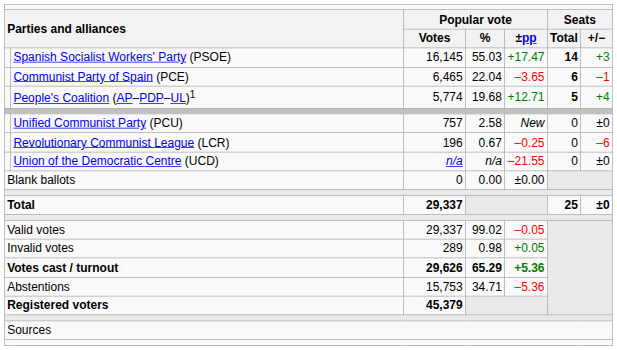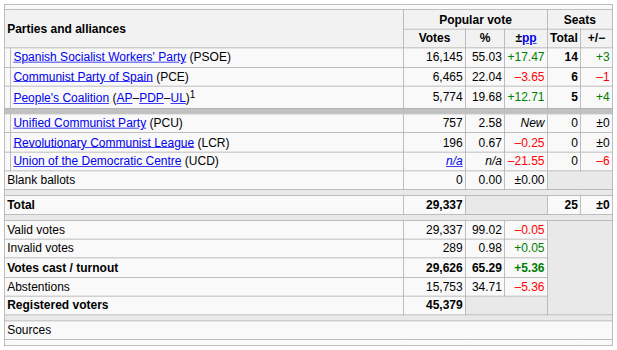 <table class="wikitable" style="text-align:right;">
 <tr>
 <td colspan="7"></td>
 </tr>
 <tr>
 <th style="text-align:left;" rowspan="2" colspan="2" width="525">Parties and alliances</th>
 <th colspan="3">Popular vote</th>
 <th colspan="2">Seats</th>
 </tr>
 <tr>
 <th width="75">Votes</th>
 <th width="45">%</th>
 <th width="45">±<a href='#'>pp</a></th>
 <th width="35">Total</th>
 <th width="35">+/−</th>
 </tr>
 <tr>
 <td width="1" style="color:inherit;background:"></td>
 <td align="left"><a href='#'>Spanish Socialist Workers' Party</a> (PSOE)</td>
 <td>16,145</td>
 <td>55.03</td>
 <td style="color:green;">+17.47</td>
 <td><strong>14</strong></td>
 <td style="color:green;">+3</td>
 </tr>
 <tr>
 <td style="color:inherit;background:"></td>
 <td align="left"><a href='#'>Communist Party of Spain</a> (PCE)</td>
 <td>6,465</td>
 <td>22.04</td>
 <td style="color:red;">–3.65</td>
 <td><strong>6</strong></td>
 <td style="color:red;">–1</td>
 </tr>
 <tr>
 <td style="color:inherit;background:"></td>
 <td align="left"><a href='#'>People's Coalition</a> (<a href='#'>AP</a>–<a href='#'>PDP</a>–<a href='#'>UL</a>)<sup>1</sup></td>
 <td>5,774</td>
 <td>19.68</td>
 <td style="color:green;">+12.71</td>
 <td><strong>5</strong></td>
 <td style="color:green;">+4</td>
 </tr>
 <tr>
 <td colspan="7" bgcolor="#C0C0C0"></td>
 </tr>
 <tr>
 <td style="color:inherit;background:"></td>
 <td align="left"><a href='#'>Unified Communist Party</a> (PCU)</td>
 <td>757</td>
 <td>2.58</td>
 <td><em>New</em></td>
 <td>0</td>
 <td>±0</td>
 </tr>
 <tr>
 <td style="color:inherit;background:"></td>
 <td align="left"><a href='#'>Revolutionary Communist League</a> (LCR)</td>
 <td>196</td>
 <td>0.67</td>
 <td style="color:red;">–0.25</td>
 <td>0</td>
-<td style="color:red;">–6</td>
+<td>±0</td>
 </tr>
 <tr>
 <td style="color:inherit;background:"></td>
 <td align="left"><a href='#'>Union of the Democratic Centre</a> (UCD)</td>
 <td><em><a href='#'>n/a</a></em></td>
 <td><em>n/a</em></td>
 <td style="color:red;">–21.55</td>
 <td>0</td>
-<td>±0</td>
+<td style="color:red;">–6</td>
 </tr>
 <tr>
 <td align="left" colspan="2">Blank ballots</td>
 <td>0</td>
 <td>0.00</td>
 <td>±0.00</td>
 <td bgcolor="#E9E9E9" colspan="2"></td>
 </tr>
 <tr>
 <td colspan="7" bgcolor="#E9E9E9"></td>
 </tr>
 <tr style="font-weight:bold;">
 <td align="left" colspan="2">Total</td>
 <td>29,337</td>
 <td bgcolor="#E9E9E9" colspan="2"></td>
 <td>25</td>
 <td>±0</td>
 </tr>
 <tr>
 <td colspan="7" bgcolor="#E9E9E9"></td>
 </tr>
 <tr>
 <td align="left" colspan="2">Valid votes</td>
 <td>29,337</td>
 <td>99.02</td>
 <td style="color:red;">–0.05</td>
 <td bgcolor="#E9E9E9" colspan="2" rowspan="5"></td>
 </tr>
 <tr>
 <td align="left" colspan="2">Invalid votes</td>
 <td>289</td>
 <td>0.98</td>
 <td style="color:green;">+0.05</td>
 </tr>
 <tr style="font-weight:bold;">
 <td align="left" colspan="2">Votes cast / turnout</td>
 <td>29,626</td>
 <td>65.29</td>
 <td style="color:green;">+5.36</td>
 </tr>
 <tr>
 <td align="left" colspan="2">Abstentions</td>
 <td>15,753</td>
 <td>34.71</td>
 <td style="color:red;">–5.36</td>
 </tr>
 <tr style="font-weight:bold;">
 <td align="left" colspan="2">Registered voters</td>
 <td>45,379</td>
 <td bgcolor="#E9E9E9" colspan="2"></td>
 </tr>
 <tr>
 <td colspan="7" bgcolor="#E9E9E9"></td>
 </tr>
 <tr>
 <td align="left" colspan="7">Sources</td>
 </tr>
 <tr>
 <td colspan="7" style="text-align:left; max-width:790px;"></td>
 </tr>
 </table>
